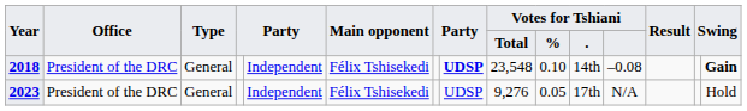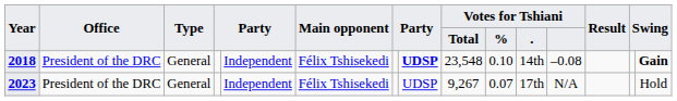 <table class="wikitable" style="font-size:90%; text-align:center;">
 <tr>
 <th style="background-color:#EAECF0;" rowspan="2">Year</th>
 <th style="background-color:#EAECF0;" rowspan="2">Office</th>
 <th style="background-color:#EAECF0;" rowspan="2">Type</th>
 <th style="background-color:#EAECF0;" colspan="2" rowspan="2">Party</th>
 <th style="background-color:#EAECF0;" rowspan="2">Main opponent</th>
 <th style="background-color:#EAECF0;" colspan="2" rowspan="2">Party</th>
 <th style="background-color:#EAECF0;" colspan="4">Votes for Tshiani</th>
 <th style="background-color:#EAECF0;" rowspan="2">Result</th>
 <th style="background-color:#EAECF0;" colspan="2" rowspan="2">Swing</th>
 </tr>
 <tr>
 <th style="background-color:#EAECF0;">Total</th>
 <th style="background-color:#EAECF0;">%</th>
 <th style="background-color:#EAECF0;">.</th>
 <th style="background-color:#EAECF0;"></th>
 </tr>
 <tr>
 <th style="background-color:#EAECF0;"><a href='#'>2018</a></th>
 <td><a href='#'>President of the DRC</a></td>
 <td>General</td>
 <td style="background-color:"></td>
 <td><a href='#'>Independent</a></td>
 <td><a href='#'>Félix Tshisekedi</a></td>
 <td style="background-color:"></td>
 <td><strong><a href='#'>UDSP</a></strong></td>
 <td>23,548</td>
 <td>0.10</td>
 <td>14th</td>
 <td>–0.08</td>
 <td></td>
 <td style="background-color:"></td>
 <td><strong>Gain</strong></td>
 </tr>
 <tr>
 <th style="background-color:#EAECF0;"><a href='#'>2023</a></th>
 <td>President of the DRC</td>
 <td>General</td>
 <td style="background-color:"></td>
 <td><a href='#'>Independent</a></td>
 <td><a href='#'>Félix Tshisekedi</a></td>
 <td style="background-color:"></td>
 <td><a href='#'>UDSP</a></td>
-<td>9,276</td>
-<td>0.05</td>
+<td>9,267</td>
+<td>0.07</td>
 <td>17th</td>
 <td>N/A</td>
 <td></td>
 <td style="background-color:"></td>
 <td>Hold</td>
 </tr>
 </table>
